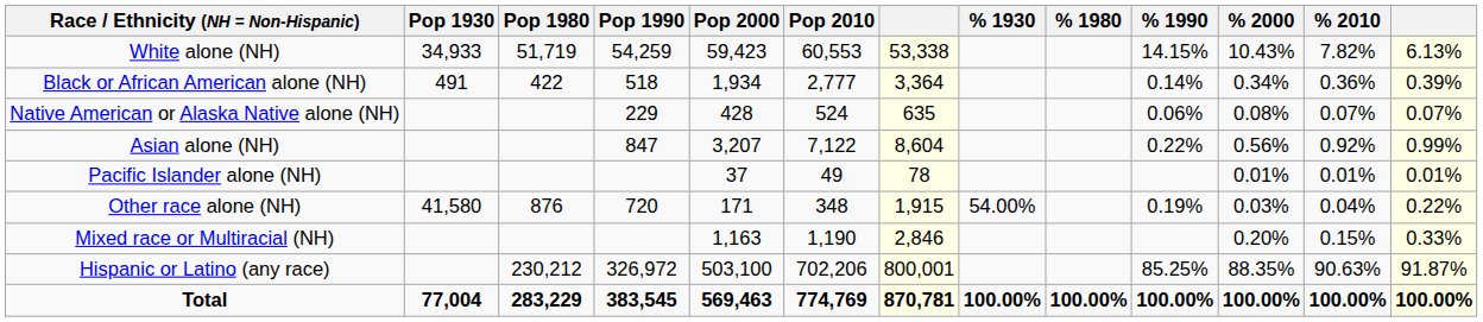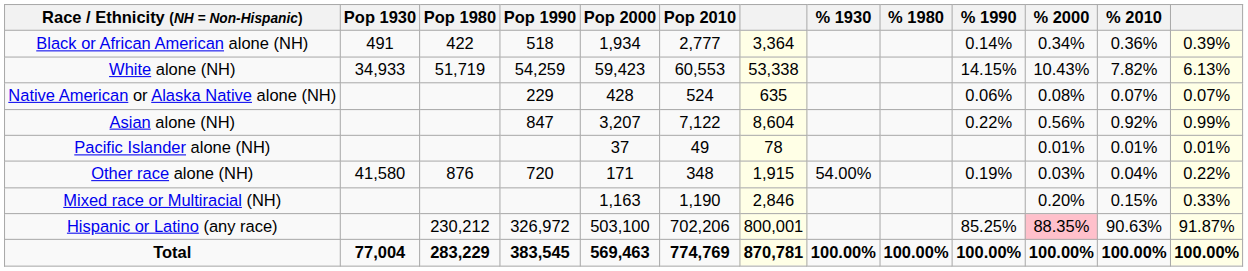 <table class="wikitable" style="text-align:center;">
 <tr>
 <th>Race / Ethnicity <small>(<em>NH = Non-Hispanic</em>)</small></th>
 <th>Pop 1930</th>
 <th>Pop 1980</th>
 <th>Pop 1990</th>
 <th>Pop 2000</th>
 <th>Pop 2010</th>
 <th></th>
 <th>% 1930</th>
 <th>% 1980</th>
 <th>% 1990</th>
 <th>% 2000</th>
 <th>% 2010</th>
 <th></th>
 </tr>
 <tr>
+<td><a href='#'>Black or African American</a> alone (NH)</td>
+<td>491</td>
+<td>422</td>
+<td>518</td>
+<td>1,934</td>
+<td>2,777</td>
+<td style='background: #ffffe6;'>3,364</td>
+<td></td>
+<td></td>
+<td>0.14%</td>
+<td>0.34%</td>
+<td>0.36%</td>
+<td style='background: #ffffe6;'>0.39%</td>
+</tr>
+<tr>
 <td><a href='#'>White</a> alone (NH)</td>
 <td>34,933</td>
 <td>51,719</td>
 <td>54,259</td>
 <td>59,423</td>
 <td>60,553</td>
 <td style='background: #ffffe6;'>53,338</td>
 <td></td>
 <td></td>
 <td>14.15%</td>
 <td>10.43%</td>
 <td>7.82%</td>
 <td style='background: #ffffe6;'>6.13%</td>
-</tr>
-<tr>
-<td><a href='#'>Black or African American</a> alone (NH)</td>
-<td>491</td>
-<td>422</td>
-<td>518</td>
-<td>1,934</td>
-<td>2,777</td>
-<td style='background: #ffffe6;'>3,364</td>
-<td></td>
-<td></td>
-<td>0.14%</td>
-<td>0.34%</td>
-<td>0.36%</td>
-<td style='background: #ffffe6;'>0.39%</td>
 </tr>
 <tr>
 <td><a href='#'>Native American</a> or <a href='#'>Alaska Native</a> alone (NH)</td>
 <td></td>
 <td></td>
 <td>229</td>
 <td>428</td>
 <td>524</td>
 <td style='background: #ffffe6;'>635</td>
 <td></td>
 <td></td>
 <td>0.06%</td>
 <td>0.08%</td>
 <td>0.07%</td>
 <td style='background: #ffffe6;'>0.07%</td>
 </tr>
 <tr>
 <td><a href='#'>Asian</a> alone (NH)</td>
 <td></td>
 <td></td>
 <td>847</td>
 <td>3,207</td>
 <td>7,122</td>
 <td style='background: #ffffe6;'>8,604</td>
 <td></td>
 <td></td>
 <td>0.22%</td>
 <td>0.56%</td>
 <td>0.92%</td>
 <td style='background: #ffffe6;'>0.99%</td>
 </tr>
 <tr>
 <td><a href='#'>Pacific Islander</a> alone (NH)</td>
 <td></td>
 <td></td>
 <td></td>
 <td>37</td>
 <td>49</td>
 <td style='background: #ffffe6;'>78</td>
 <td></td>
 <td></td>
 <td></td>
 <td>0.01%</td>
 <td>0.01%</td>
 <td style='background: #ffffe6;'>0.01%</td>
 </tr>
 <tr>
 <td><a href='#'>Other race</a> alone (NH)</td>
 <td>41,580</td>
 <td>876</td>
 <td>720</td>
 <td>171</td>
 <td>348</td>
 <td style='background: #ffffe6;'>1,915</td>
 <td>54.00%</td>
 <td></td>
 <td>0.19%</td>
 <td>0.03%</td>
 <td>0.04%</td>
 <td style='background: #ffffe6;'>0.22%</td>
 </tr>
 <tr>
 <td><a href='#'>Mixed race or Multiracial</a> (NH)</td>
 <td></td>
 <td></td>
 <td></td>
 <td>1,163</td>
 <td>1,190</td>
 <td style='background: #ffffe6;'>2,846</td>
 <td></td>
 <td></td>
 <td></td>
 <td>0.20%</td>
 <td>0.15%</td>
 <td style='background: #ffffe6;'>0.33%</td>
 </tr>
 <tr>
 <td><a href='#'>Hispanic or Latino</a> (any race)</td>
 <td></td>
 <td>230,212</td>
 <td>326,972</td>
 <td>503,100</td>
 <td>702,206</td>
 <td style='background: #ffffe6;'>800,001</td>
 <td></td>
 <td></td>
 <td>85.25%</td>
-<td>88.35%</td>
+<td style="background: pink;">88.35%</td>
 <td>90.63%</td>
 <td style='background: #ffffe6;'>91.87%</td>
 </tr>
 <tr>
 <td><strong>Total</strong></td>
 <td><strong>77,004</strong></td>
 <td><strong>283,229</strong></td>
 <td><strong>383,545</strong></td>
 <td><strong>569,463</strong></td>
 <td><strong>774,769</strong></td>
 <td style='background: #ffffe6;'><strong>870,781</strong></td>
 <td><strong>100.00%</strong></td>
 <td><strong>100.00%</strong></td>
 <td><strong>100.00%</strong></td>
 <td><strong>100.00%</strong></td>
 <td><strong>100.00%</strong></td>
 <td style='background: #ffffe6;'><strong>100.00%</strong></td>
 </tr>
 </table>
